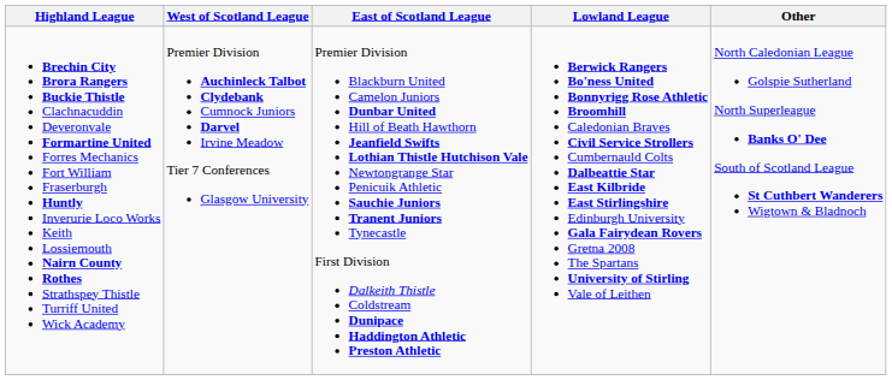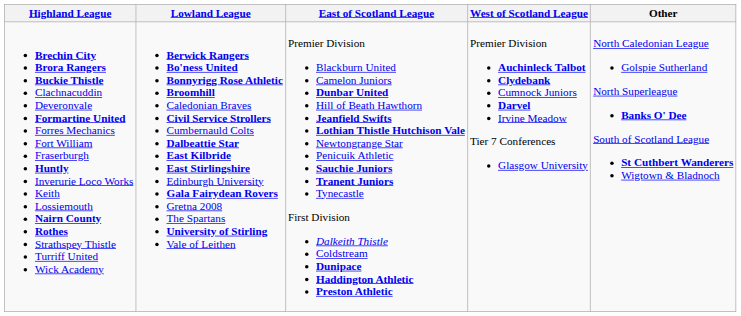 <table class="wikitable" style="text-align:left">
 <tr>
 <th><a href='#'>Highland League</a></th>
+<th><a href='#'>Lowland League</a></th>
+<th><a href='#'>East of Scotland League</a></th>
 <th><a href='#'>West of Scotland League</a></th>
-<th><a href='#'>East of Scotland League</a></th>
-<th><a href='#'>Lowland League</a></th>
 <th>Other</th>
 </tr>
 <tr>
 <td valign=top><br><ul><li><strong><a href='#'>Brechin City</a></strong></li><li><strong><a href='#'>Brora Rangers</a></strong></li><li><strong><a href='#'>Buckie Thistle</a></strong></li><li><a href='#'>Clachnacuddin</a></li><li><a href='#'>Deveronvale</a></li><li><strong><a href='#'>Formartine United</a></strong></li><li><a href='#'>Forres Mechanics</a></li><li><a href='#'>Fort William</a></li><li><a href='#'>Fraserburgh</a></li><li><strong><a href='#'>Huntly</a></strong></li><li><a href='#'>Inverurie Loco Works</a></li><li><a href='#'>Keith</a></li><li><a href='#'>Lossiemouth</a></li><li><strong><a href='#'>Nairn County</a></strong></li><li><strong><a href='#'>Rothes</a></strong></li><li><a href='#'>Strathspey Thistle</a></li><li><a href='#'>Turriff United</a></li><li><a href='#'>Wick Academy</a></li></ul></td>
+<td valign=top><br><ul><li><strong><a href='#'>Berwick Rangers</a></strong></li><li><strong><a href='#'>Bo'ness United</a></strong></li><li><strong><a href='#'>Bonnyrigg Rose Athletic</a></strong></li><li><strong><a href='#'>Broomhill</a></strong></li><li><a href='#'>Caledonian Braves</a></li><li><strong><a href='#'>Civil Service Strollers</a></strong></li><li><a href='#'>Cumbernauld Colts</a></li><li><strong><a href='#'>Dalbeattie Star</a></strong></li><li><strong><a href='#'>East Kilbride</a></strong></li><li><strong><a href='#'>East Stirlingshire</a></strong></li><li><a href='#'>Edinburgh University</a></li><li><strong><a href='#'>Gala Fairydean Rovers</a></strong></li><li><a href='#'>Gretna 2008</a></li><li><a href='#'>The Spartans</a></li><li><strong><a href='#'>University of Stirling</a></strong></li><li><a href='#'>Vale of Leithen</a></li></ul></td>
+<td valign=top><br>Premier Division<ul><li><a href='#'>Blackburn United</a></li><li><a href='#'>Camelon Juniors</a></li><li><strong><a href='#'>Dunbar United</a></strong></li><li><a href='#'>Hill of Beath Hawthorn</a></li><li><strong><a href='#'>Jeanfield Swifts</a></strong></li><li><strong><a href='#'>Lothian Thistle Hutchison Vale</a></strong></li><li><a href='#'>Newtongrange Star</a></li><li><a href='#'>Penicuik Athletic</a></li><li><strong><a href='#'>Sauchie Juniors</a></strong></li><li><strong><a href='#'>Tranent Juniors</a></strong></li><li><a href='#'>Tynecastle</a></li></ul>First Division<ul><li><em><a href='#'>Dalkeith Thistle</a></em></li><li><a href='#'>Coldstream</a></li><li><strong><a href='#'>Dunipace</a></strong></li><li><strong><a href='#'>Haddington Athletic</a></strong></li><li><strong><a href='#'>Preston Athletic</a></strong></li></ul></td>
 <td valign=top><br>Premier Division<ul><li><strong><a href='#'>Auchinleck Talbot</a></strong></li><li><strong><a href='#'>Clydebank</a></strong></li><li><a href='#'>Cumnock Juniors</a></li><li><strong><a href='#'>Darvel</a></strong></li><li><a href='#'>Irvine Meadow</a></li></ul>Tier 7 Conferences<ul><li><a href='#'>Glasgow University</a></li></ul></td>
-<td valign=top><br>Premier Division<ul><li><a href='#'>Blackburn United</a></li><li><a href='#'>Camelon Juniors</a></li><li><strong><a href='#'>Dunbar United</a></strong></li><li><a href='#'>Hill of Beath Hawthorn</a></li><li><strong><a href='#'>Jeanfield Swifts</a></strong></li><li><strong><a href='#'>Lothian Thistle Hutchison Vale</a></strong></li><li><a href='#'>Newtongrange Star</a></li><li><a href='#'>Penicuik Athletic</a></li><li><strong><a href='#'>Sauchie Juniors</a></strong></li><li><strong><a href='#'>Tranent Juniors</a></strong></li><li><a href='#'>Tynecastle</a></li></ul>First Division<ul><li><em><a href='#'>Dalkeith Thistle</a></em></li><li><a href='#'>Coldstream</a></li><li><strong><a href='#'>Dunipace</a></strong></li><li><strong><a href='#'>Haddington Athletic</a></strong></li><li><strong><a href='#'>Preston Athletic</a></strong></li></ul></td>
-<td valign=top><br><ul><li><strong><a href='#'>Berwick Rangers</a></strong></li><li><strong><a href='#'>Bo'ness United</a></strong></li><li><strong><a href='#'>Bonnyrigg Rose Athletic</a></strong></li><li><strong><a href='#'>Broomhill</a></strong></li><li><a href='#'>Caledonian Braves</a></li><li><strong><a href='#'>Civil Service Strollers</a></strong></li><li><a href='#'>Cumbernauld Colts</a></li><li><strong><a href='#'>Dalbeattie Star</a></strong></li><li><strong><a href='#'>East Kilbride</a></strong></li><li><strong><a href='#'>East Stirlingshire</a></strong></li><li><a href='#'>Edinburgh University</a></li><li><strong><a href='#'>Gala Fairydean Rovers</a></strong></li><li><a href='#'>Gretna 2008</a></li><li><a href='#'>The Spartans</a></li><li><strong><a href='#'>University of Stirling</a></strong></li><li><a href='#'>Vale of Leithen</a></li></ul></td>
 <td valign=top><br><a href='#'>North Caledonian League</a><ul><li><a href='#'>Golspie Sutherland</a></li></ul><a href='#'>North Superleague</a><ul><li><strong><a href='#'>Banks O' Dee</a></strong></li></ul><a href='#'>South of Scotland League</a><ul><li><strong><a href='#'>St Cuthbert Wanderers</a></strong></li><li><a href='#'>Wigtown & Bladnoch</a></li></ul></td>
 </tr>
 </table>
